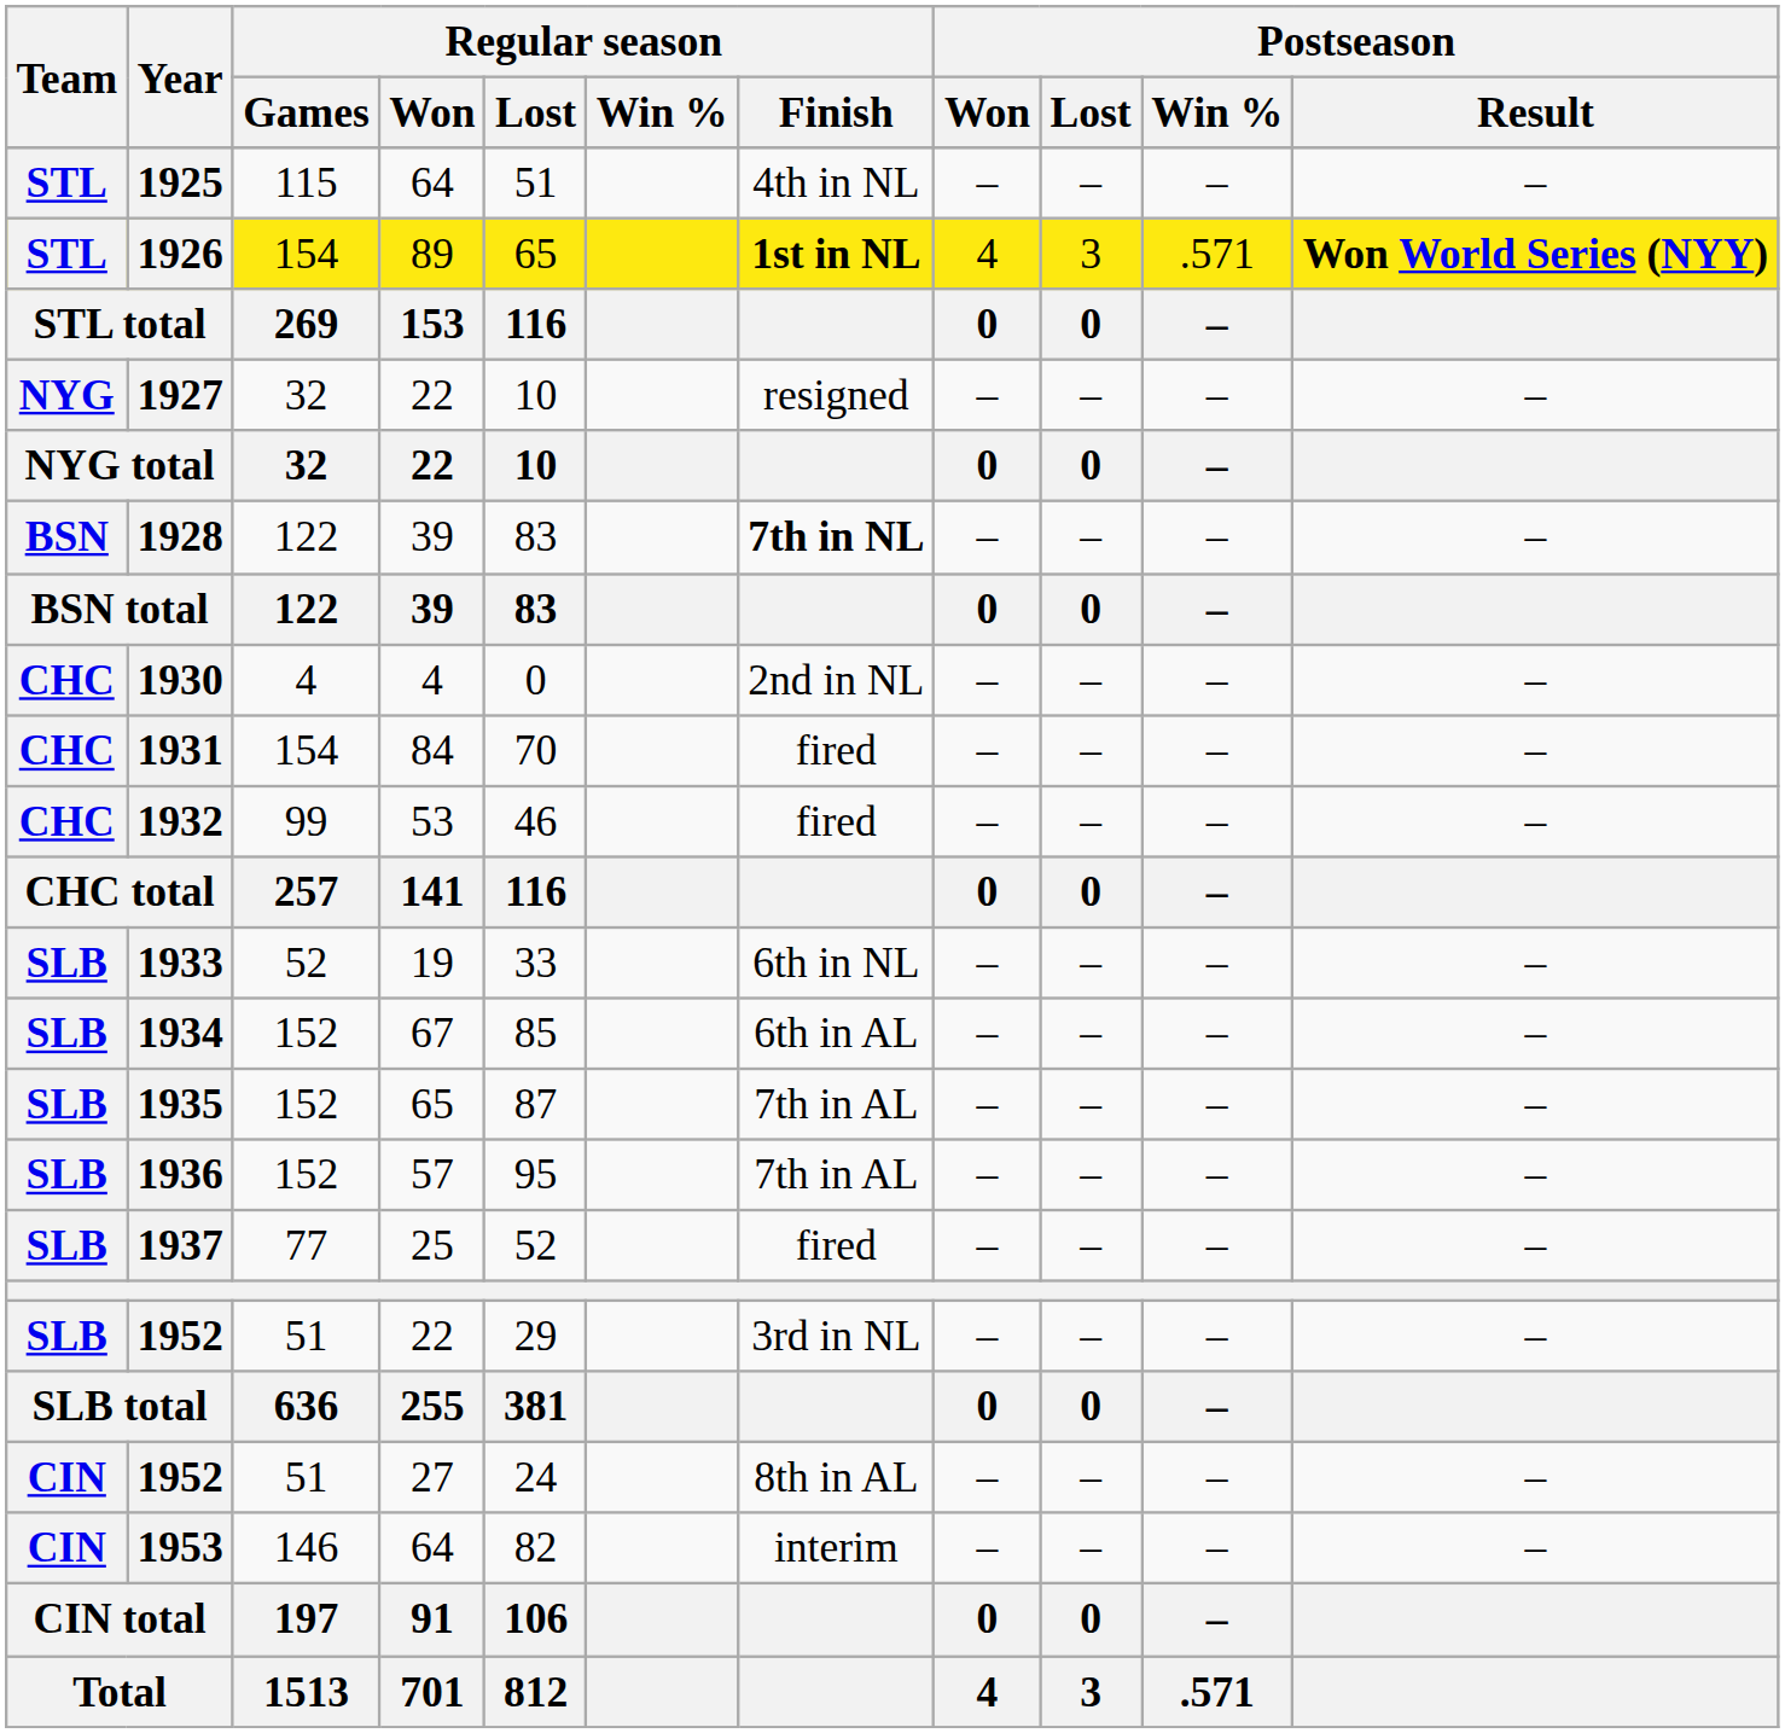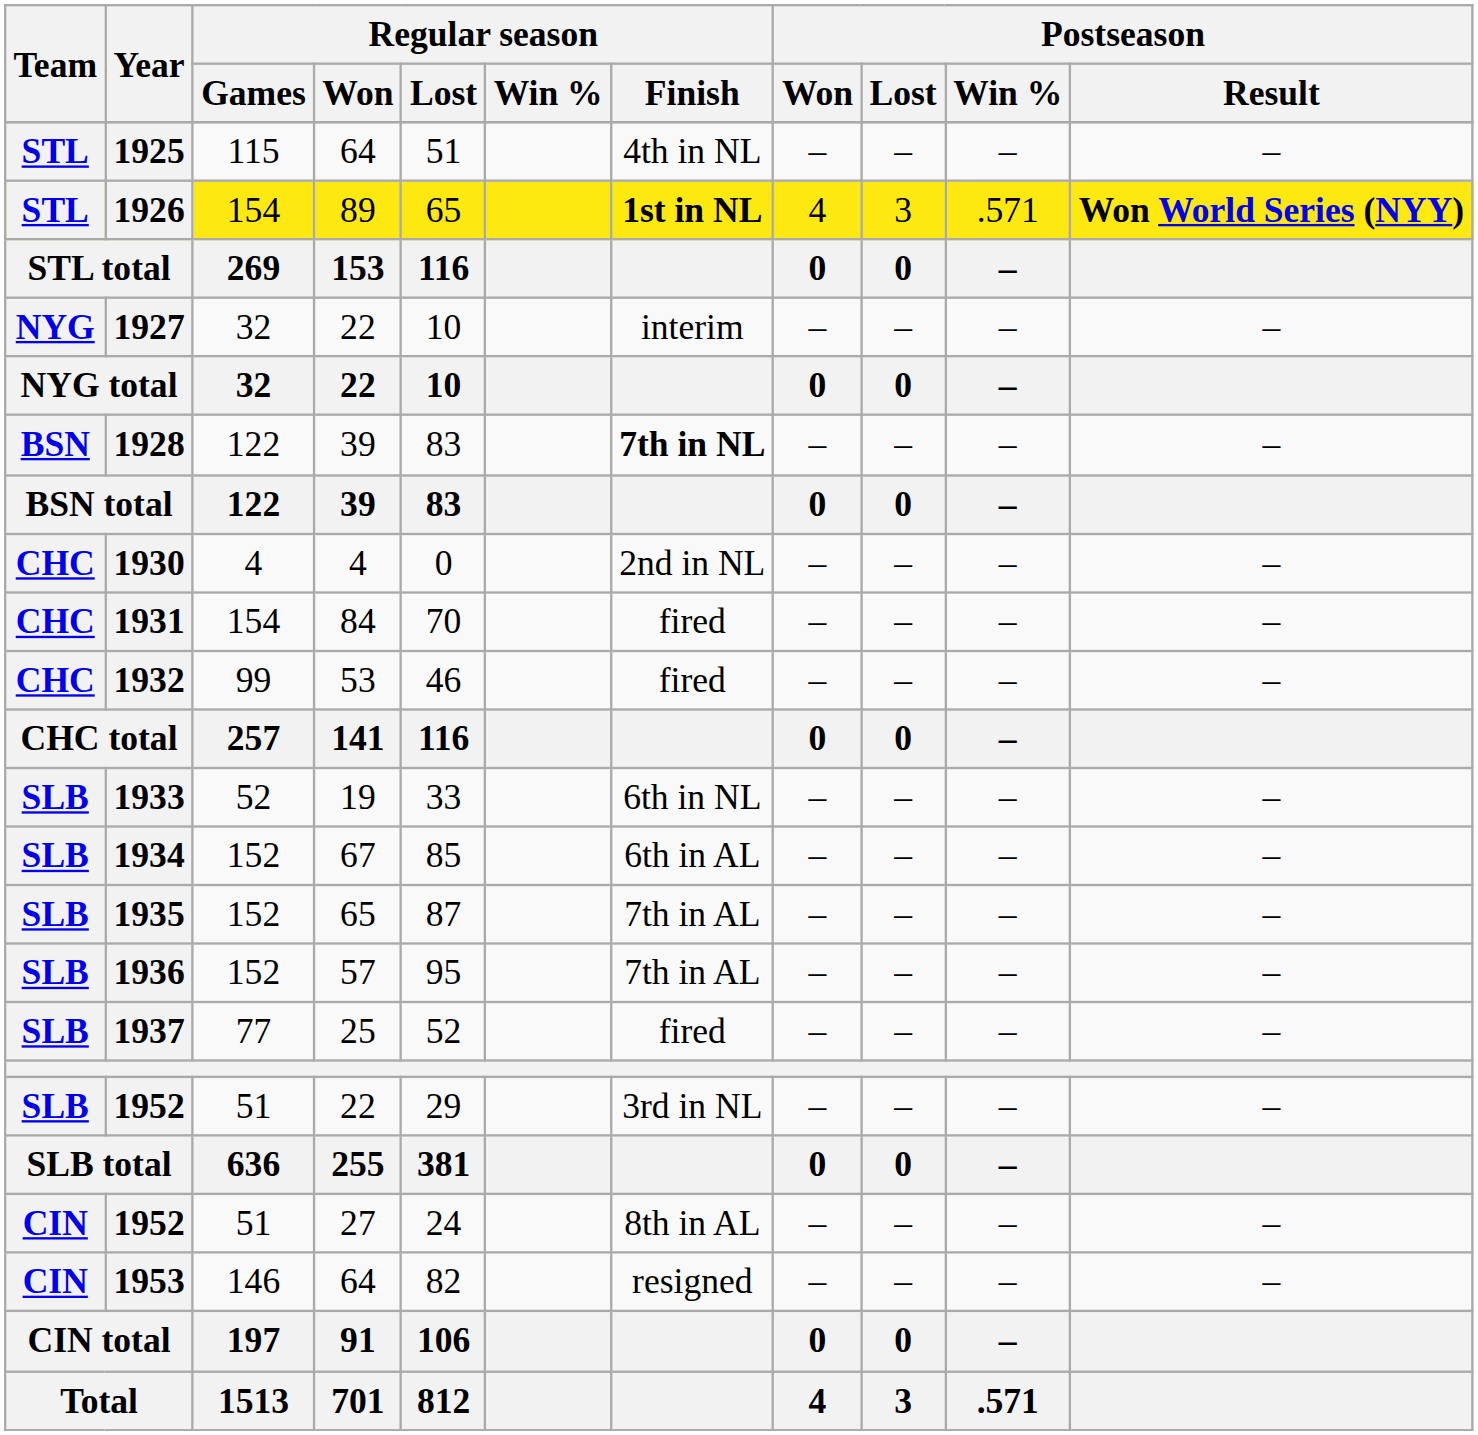 <table class="wikitable" style="font-size: 95%; text-align:center;">
 <tr>
 <th rowspan="2">Team</th>
 <th rowspan="2">Year</th>
 <th colspan="5">Regular season</th>
 <th colspan="4">Postseason</th>
 </tr>
 <tr>
 <th>Games</th>
 <th>Won</th>
 <th>Lost</th>
 <th>Win %</th>
 <th>Finish</th>
 <th>Won</th>
 <th>Lost</th>
 <th>Win %</th>
 <th>Result</th>
 </tr>
 <tr>
 </tr>
 <tr>
 <th><a href='#'>STL</a></th>
 <th>1925</th>
 <td>115</td>
 <td>64</td>
 <td>51</td>
 <td></td>
 <td>4th in NL</td>
 <td>–</td>
 <td>–</td>
 <td>–</td>
 <td>–</td>
 </tr>
 <tr style="background:#FDE910">
 <th><a href='#'>STL</a></th>
 <th>1926</th>
 <td>154</td>
 <td>89</td>
 <td>65</td>
 <td></td>
 <td><strong>1st in NL</strong></td>
 <td>4</td>
 <td>3</td>
 <td>.571</td>
 <td><strong>Won <a href='#'>World Series</a> (<a href='#'>NYY</a>)</strong></td>
 </tr>
 <tr>
 <th colspan="2">STL total</th>
 <th>269</th>
 <th>153</th>
 <th>116</th>
 <th></th>
 <th></th>
 <th>0</th>
 <th>0</th>
 <th>–</th>
 <th></th>
 </tr>
 <tr>
 <th><a href='#'>NYG</a></th>
 <th>1927</th>
 <td>32</td>
 <td>22</td>
 <td>10</td>
 <td></td>
-<td>resigned</td>
+<td>interim</td>
 <td>–</td>
 <td>–</td>
 <td>–</td>
 <td>–</td>
 </tr>
 <tr>
 <th colspan="2">NYG total</th>
 <th>32</th>
 <th>22</th>
 <th>10</th>
 <th></th>
 <th></th>
 <th>0</th>
 <th>0</th>
 <th>–</th>
 <th></th>
 </tr>
 <tr>
 <th><a href='#'>BSN</a></th>
 <th>1928</th>
 <td>122</td>
 <td>39</td>
 <td>83</td>
 <td></td>
 <td><strong>7th in NL</strong></td>
 <td>–</td>
 <td>–</td>
 <td>–</td>
 <td>–</td>
 </tr>
 <tr>
 <th colspan="2">BSN total</th>
 <th>122</th>
 <th>39</th>
 <th>83</th>
 <th></th>
 <th></th>
 <th>0</th>
 <th>0</th>
 <th>–</th>
 <th></th>
 </tr>
 <tr>
 <th><a href='#'>CHC</a></th>
 <th>1930</th>
 <td>4</td>
 <td>4</td>
 <td>0</td>
 <td></td>
 <td>2nd in NL</td>
 <td>–</td>
 <td>–</td>
 <td>–</td>
 <td>–</td>
 </tr>
 <tr>
 <th><a href='#'>CHC</a></th>
 <th>1931</th>
 <td>154</td>
 <td>84</td>
 <td>70</td>
 <td></td>
 <td>fired</td>
 <td>–</td>
 <td>–</td>
 <td>–</td>
 <td>–</td>
 </tr>
 <tr>
 <th><a href='#'>CHC</a></th>
 <th>1932</th>
 <td>99</td>
 <td>53</td>
 <td>46</td>
 <td></td>
 <td>fired</td>
 <td>–</td>
 <td>–</td>
 <td>–</td>
 <td>–</td>
 </tr>
 <tr>
 <th colspan="2">CHC total</th>
 <th>257</th>
 <th>141</th>
 <th>116</th>
 <th></th>
 <th></th>
 <th>0</th>
 <th>0</th>
 <th>–</th>
 <th></th>
 </tr>
 <tr>
 <th><a href='#'>SLB</a></th>
 <th>1933</th>
 <td>52</td>
 <td>19</td>
 <td>33</td>
 <td></td>
 <td>6th in NL</td>
 <td>–</td>
 <td>–</td>
 <td>–</td>
 <td>–</td>
 </tr>
 <tr>
 <th><a href='#'>SLB</a></th>
 <th>1934</th>
 <td>152</td>
 <td>67</td>
 <td>85</td>
 <td></td>
 <td>6th in AL</td>
 <td>–</td>
 <td>–</td>
 <td>–</td>
 <td>–</td>
 </tr>
 <tr>
 <th><a href='#'>SLB</a></th>
 <th>1935</th>
 <td>152</td>
 <td>65</td>
 <td>87</td>
 <td></td>
 <td>7th in AL</td>
 <td>–</td>
 <td>–</td>
 <td>–</td>
 <td>–</td>
 </tr>
 <tr>
 <th><a href='#'>SLB</a></th>
 <th>1936</th>
 <td>152</td>
 <td>57</td>
 <td>95</td>
 <td></td>
 <td>7th in AL</td>
 <td>–</td>
 <td>–</td>
 <td>–</td>
 <td>–</td>
 </tr>
 <tr>
 <th><a href='#'>SLB</a></th>
 <th>1937</th>
 <td>77</td>
 <td>25</td>
 <td>52</td>
 <td></td>
 <td>fired</td>
 <td>–</td>
 <td>–</td>
 <td>–</td>
 <td>–</td>
 </tr>
 <tr>
 <th colspan="11"></th>
 </tr>
 <tr>
 <th><a href='#'>SLB</a></th>
 <th>1952</th>
 <td>51</td>
 <td>22</td>
 <td>29</td>
 <td></td>
 <td>3rd in NL</td>
 <td>–</td>
 <td>–</td>
 <td>–</td>
 <td>–</td>
 </tr>
 <tr>
 <th colspan="2">SLB total</th>
 <th>636</th>
 <th>255</th>
 <th>381</th>
 <th></th>
 <th></th>
 <th>0</th>
 <th>0</th>
 <th>–</th>
 <th></th>
 </tr>
 <tr>
 <th><a href='#'>CIN</a></th>
 <th>1952</th>
 <td>51</td>
 <td>27</td>
 <td>24</td>
 <td></td>
 <td>8th in AL</td>
 <td>–</td>
 <td>–</td>
 <td>–</td>
 <td>–</td>
 </tr>
 <tr>
 <th><a href='#'>CIN</a></th>
 <th>1953</th>
 <td>146</td>
 <td>64</td>
 <td>82</td>
 <td></td>
-<td>interim</td>
+<td>resigned</td>
 <td>–</td>
 <td>–</td>
 <td>–</td>
 <td>–</td>
 </tr>
 <tr>
 <th colspan="2">CIN total</th>
 <th>197</th>
 <th>91</th>
 <th>106</th>
 <th></th>
 <th></th>
 <th>0</th>
 <th>0</th>
 <th>–</th>
 <th></th>
 </tr>
 <tr>
 <th colspan="2">Total</th>
 <th>1513</th>
 <th>701</th>
 <th>812</th>
 <th></th>
 <th></th>
 <th>4</th>
 <th>3</th>
 <th>.571</th>
 <th></th>
 </tr>
 </table>
